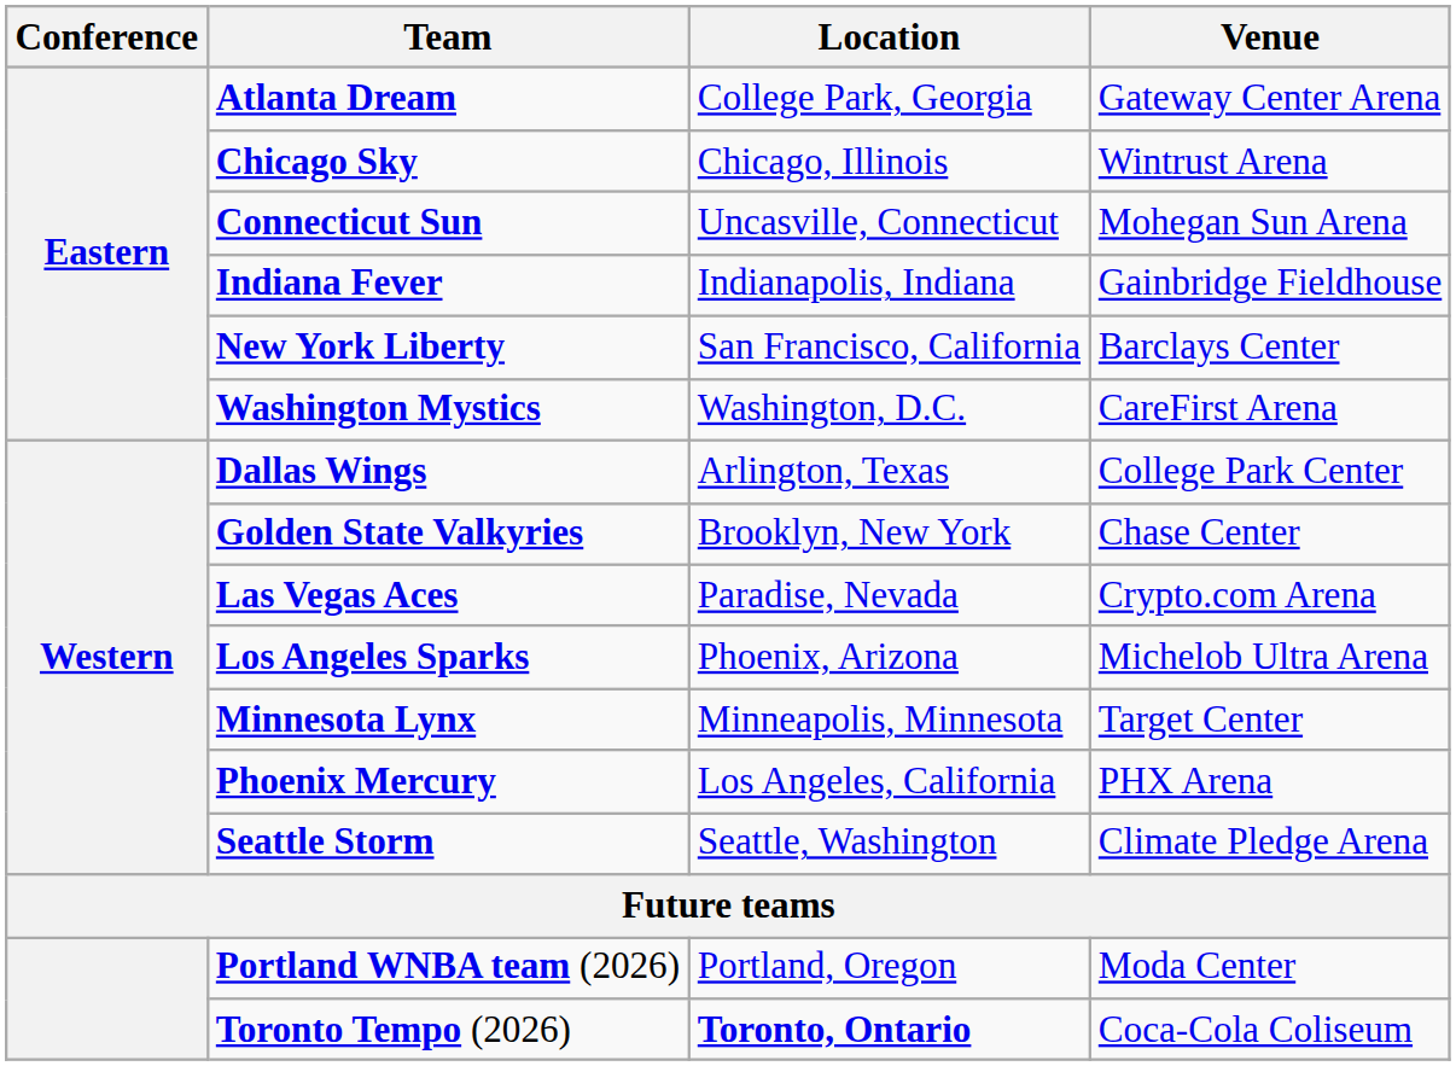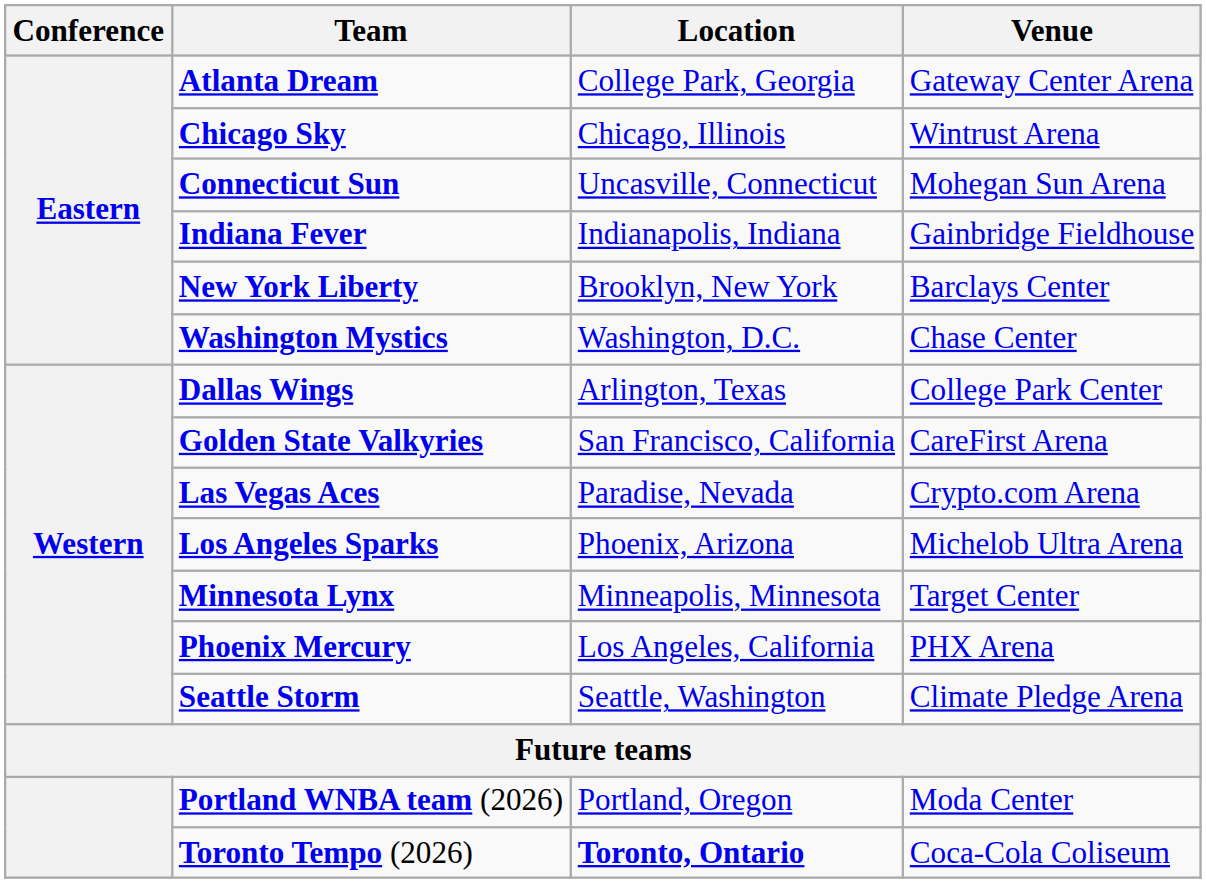 <table class="wikitable" style="font-size:85%">
 <tr>
 <th>Conference</th>
 <th>Team</th>
 <th>Location</th>
 <th>Venue</th>
 </tr>
 <tr>
 <th rowspan="6"><a href='#'>Eastern</a></th>
 <td><strong><a href='#'>Atlanta Dream</a></strong></td>
 <td><a href='#'>College Park, Georgia</a></td>
 <td><a href='#'>Gateway Center Arena</a></td>
 </tr>
 <tr>
 <td><strong><a href='#'>Chicago Sky</a></strong></td>
 <td><a href='#'>Chicago, Illinois</a></td>
 <td><a href='#'>Wintrust Arena</a></td>
 </tr>
 <tr>
 <td><strong><a href='#'>Connecticut Sun</a></strong></td>
 <td><a href='#'>Uncasville, Connecticut</a></td>
 <td><a href='#'>Mohegan Sun Arena</a></td>
 </tr>
 <tr>
 <td><strong><a href='#'>Indiana Fever</a></strong></td>
 <td><a href='#'>Indianapolis, Indiana</a></td>
 <td><a href='#'>Gainbridge Fieldhouse</a></td>
 </tr>
 <tr>
 <td><strong><a href='#'>New York Liberty</a></strong></td>
-<td><a href='#'>San Francisco, California</a></td>
+<td><a href='#'>Brooklyn, New York</a></td>
 <td><a href='#'>Barclays Center</a></td>
 </tr>
 <tr>
 <td><strong><a href='#'>Washington Mystics</a></strong></td>
 <td><a href='#'>Washington, D.C.</a></td>
-<td><a href='#'>CareFirst Arena</a></td>
+<td><a href='#'>Chase Center</a></td>
 </tr>
 <tr>
 <th rowspan=7><a href='#'>Western</a></th>
 <td><strong><a href='#'>Dallas Wings</a></strong></td>
 <td><a href='#'>Arlington, Texas</a></td>
 <td><a href='#'>College Park Center</a></td>
 </tr>
 <tr>
 <td><strong><a href='#'>Golden State Valkyries</a></strong></td>
-<td><a href='#'>Brooklyn, New York</a></td>
-<td><a href='#'>Chase Center</a></td>
+<td><a href='#'>San Francisco, California</a></td>
+<td><a href='#'>CareFirst Arena</a></td>
 </tr>
 <tr>
 <td><strong><a href='#'>Las Vegas Aces</a></strong></td>
 <td><a href='#'>Paradise, Nevada</a></td>
 <td><a href='#'>Crypto.com Arena</a></td>
 </tr>
 <tr>
 <td><strong><a href='#'>Los Angeles Sparks</a></strong></td>
 <td><a href='#'>Phoenix, Arizona</a></td>
 <td><a href='#'>Michelob Ultra Arena</a></td>
 </tr>
 <tr>
 <td><strong><a href='#'>Minnesota Lynx</a></strong></td>
 <td><a href='#'>Minneapolis, Minnesota</a></td>
 <td><a href='#'>Target Center</a></td>
 </tr>
 <tr>
 <td><strong><a href='#'>Phoenix Mercury</a></strong></td>
 <td><a href='#'>Los Angeles, California</a></td>
 <td><a href='#'>PHX Arena</a></td>
 </tr>
 <tr>
 <td><strong><a href='#'>Seattle Storm</a></strong></td>
 <td><a href='#'>Seattle, Washington</a></td>
 <td><a href='#'>Climate Pledge Arena</a></td>
 </tr>
 <tr>
 <th colspan=4>Future teams</th>
 </tr>
 <tr>
 <th rowspan=2></th>
 <td><strong><a href='#'>Portland WNBA team</a></strong> (2026)</td>
 <td><a href='#'>Portland, Oregon</a></td>
 <td><a href='#'>Moda Center</a></td>
 </tr>
 <tr>
 <td><strong><a href='#'>Toronto Tempo</a></strong> (2026)</td>
 <td><strong><a href='#'>Toronto, Ontario</a></strong></td>
 <td><a href='#'>Coca-Cola Coliseum</a></td>
 </tr>
 </table>
